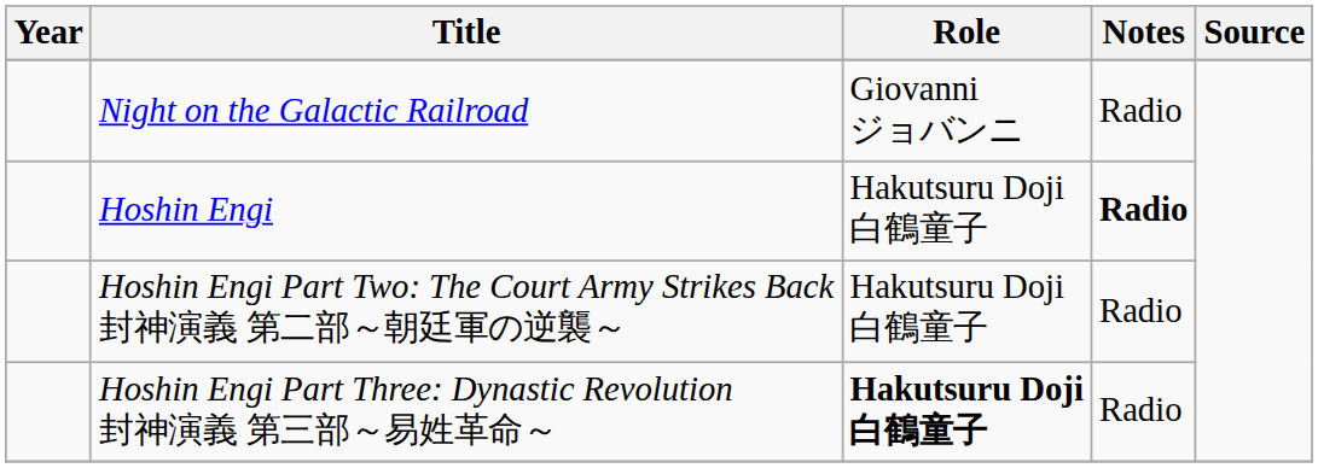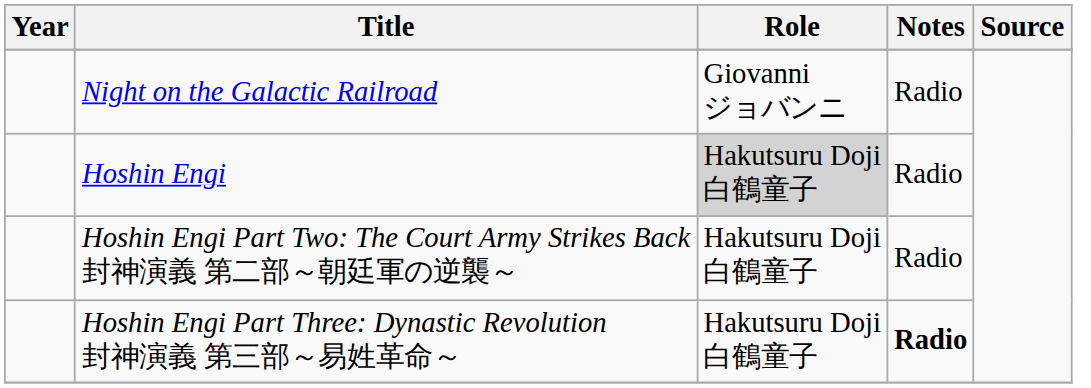 <table class="wikitable sortable plainrowheaders">
 <tr>
 <th>Year</th>
 <th>Title</th>
 <th>Role</th>
 <th class="unsortable">Notes</th>
 <th class="unsortable">Source</th>
 </tr>
 <tr>
 </tr>
 <tr>
 <td></td>
 <td><em><a href='#'>Night on the Galactic Railroad</a></em></td>
 <td>Giovanni<br>ジョバンニ</td>
 <td>Radio<br></td>
 <td rowspan="4"></td>
 </tr>
 <tr>
 <td></td>
 <td><em><a href='#'>Hoshin Engi</a></em></td>
-<td>Hakutsuru Doji<br>白鶴童子</td>
-<td><strong>Radio<br></strong></td>
+<td style="background: lightgrey;">Hakutsuru Doji<br>白鶴童子</td>
+<td>Radio<br></td>
 </tr>
 <tr>
 <td></td>
 <td><em>Hoshin Engi Part Two: The Court Army Strikes Back</em><br>封神演義 第二部～朝廷軍の逆襲～</td>
 <td>Hakutsuru Doji<br>白鶴童子</td>
 <td>Radio<br></td>
 </tr>
 <tr>
 <td></td>
 <td><em>Hoshin Engi Part Three: Dynastic Revolution</em><br>封神演義 第三部～易姓革命～</td>
-<td><strong>Hakutsuru Doji<br>白鶴童子</strong></td>
-<td>Radio<br></td>
+<td>Hakutsuru Doji<br>白鶴童子</td>
+<td><strong>Radio<br></strong></td>
 </tr>
 <tr>
 </tr>
 </table>
